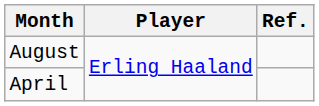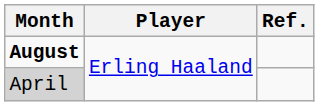 <table class="wikitable">
 <tr>
 <th>Month</th>
 <th>Player</th>
 <th>Ref.</th>
 </tr>
 <tr>
-<td>August</td>
+<td><strong>August</strong></td>
 <td rowspan="2"> <a href='#'>Erling Haaland</a></td>
 <td></td>
 </tr>
 <tr>
-<td>April</td>
+<td style="background: lightgrey;">April</td>
 <td></td>
 </tr>
 </table>
